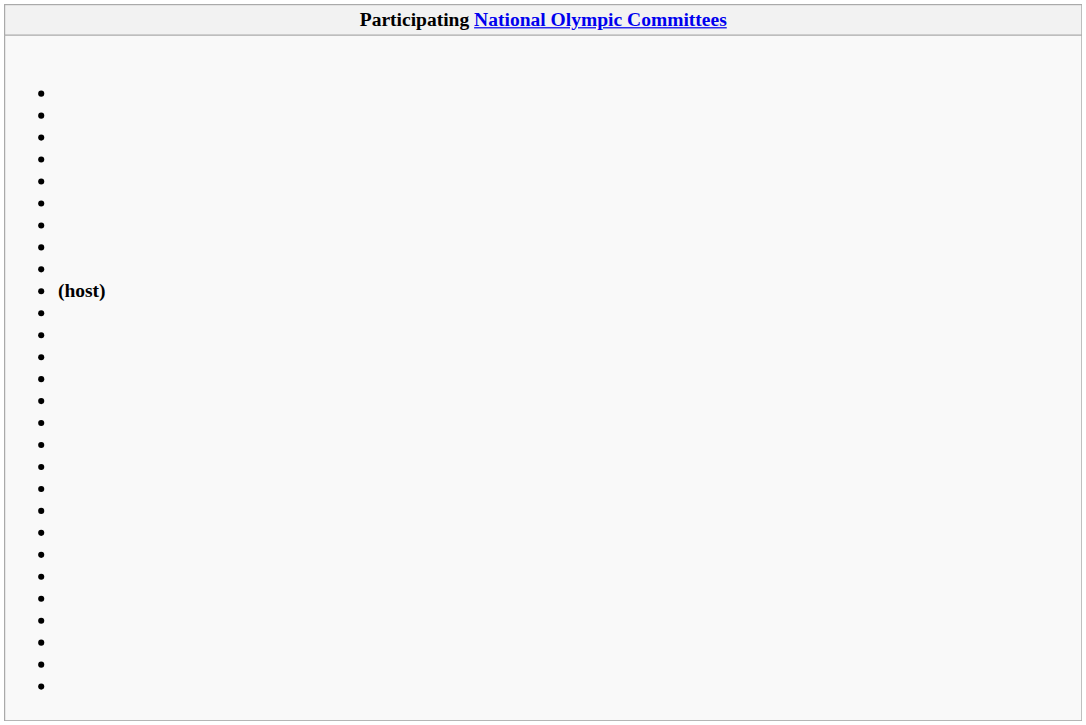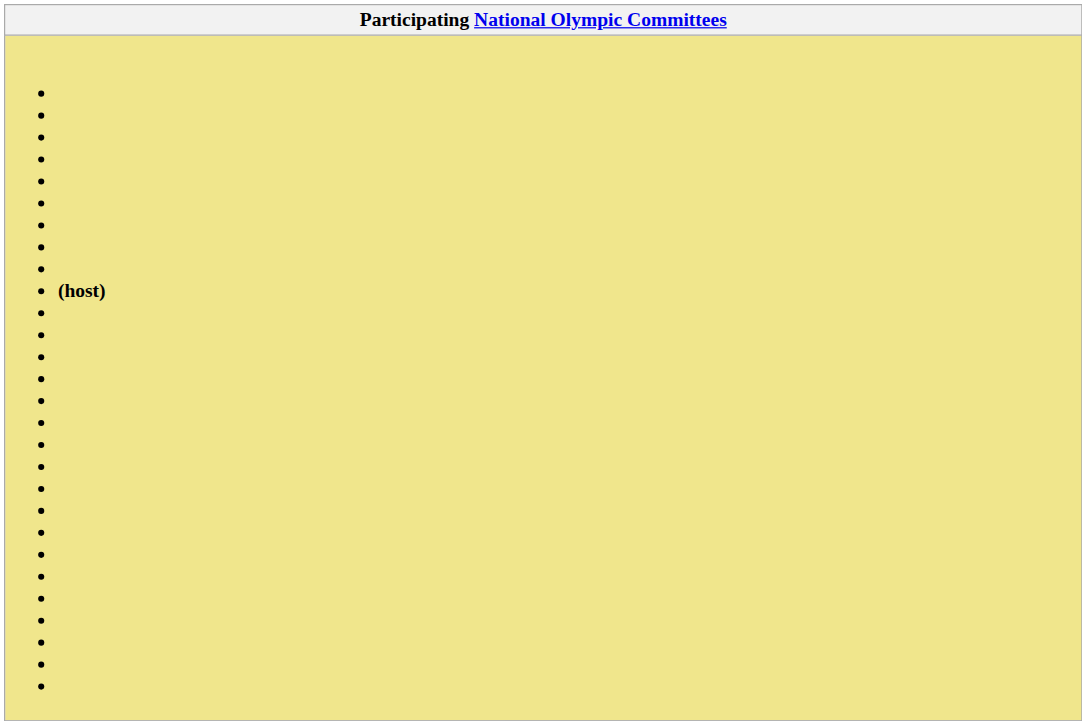 <table class="wikitable collapsible" style="width:100%;">
 <tr>
 <th>Participating <a href='#'>National Olympic Committees</a></th>
 </tr>
 <tr>
-<td><br><ul><li></li><li></li><li></li><li></li><li></li><li></li><li></li><li></li><li></li><li> <strong>(host)</strong></li><li></li><li></li><li></li><li></li><li></li><li></li><li></li><li></li><li></li><li></li><li></li><li></li><li></li><li></li><li></li><li></li><li></li><li></li></ul></td>
+<td style="background: khaki;"><br><ul><li></li><li></li><li></li><li></li><li></li><li></li><li></li><li></li><li></li><li> <strong>(host)</strong></li><li></li><li></li><li></li><li></li><li></li><li></li><li></li><li></li><li></li><li></li><li></li><li></li><li></li><li></li><li></li><li></li><li></li><li></li></ul></td>
 </tr>
 </table>
